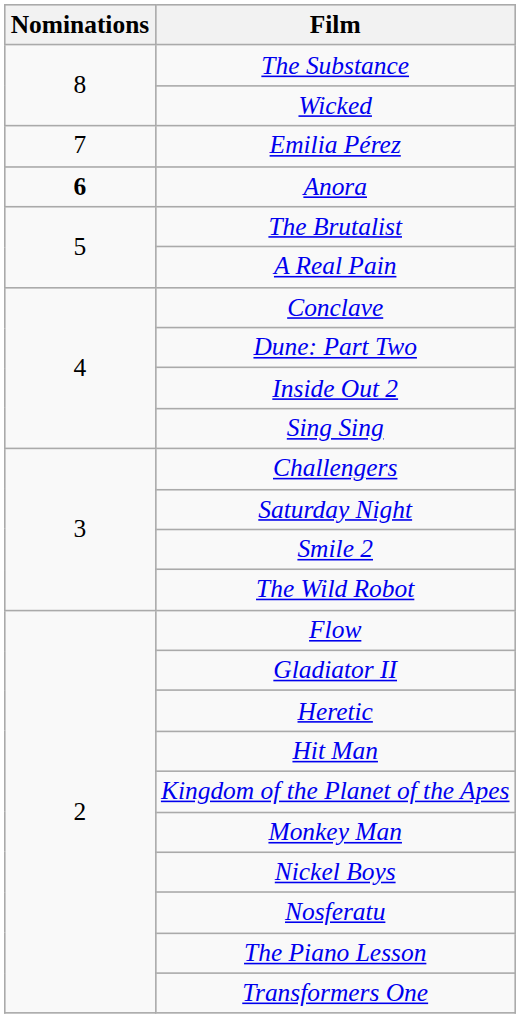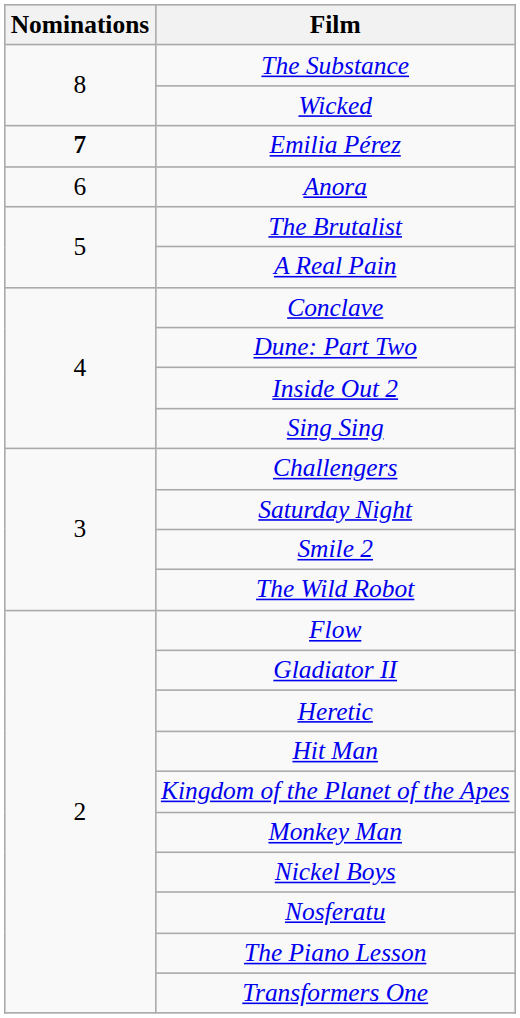 <table class="wikitable" rowspan="2" style="text-align:center" background: #f6e39c;>
 <tr>
 <th scope="col" style="width:55px;">Nominations</th>
 <th scope="col" style="text-align:center;">Film</th>
 </tr>
 <tr>
 <td rowspan="2" style="text-align:center">8</td>
 <td><em><a href='#'>The Substance</a></em></td>
 </tr>
 <tr>
 <td><em><a href='#'>Wicked</a></em></td>
 </tr>
 <tr>
-<td style="text-align:center">7</td>
+<td style="text-align:center"><strong>7</strong></td>
 <td><em><a href='#'>Emilia Pérez</a></em></td>
 </tr>
 <tr>
-<td style="text-align:center"><strong>6</strong></td>
+<td style="text-align:center">6</td>
 <td><em><a href='#'>Anora</a></em></td>
 </tr>
 <tr>
 <td rowspan="2" style="text-align:center">5</td>
 <td><em><a href='#'>The Brutalist</a></em></td>
 </tr>
 <tr>
 <td><em><a href='#'>A Real Pain</a></em></td>
 </tr>
 <tr>
 <td rowspan="4" style="text-align:center">4</td>
 <td><em><a href='#'>Conclave</a></em></td>
 </tr>
 <tr>
 <td><em><a href='#'>Dune: Part Two</a></em></td>
 </tr>
 <tr>
 <td><em><a href='#'>Inside Out 2</a></em></td>
 </tr>
 <tr>
 <td><em><a href='#'>Sing Sing</a></em></td>
 </tr>
 <tr>
 <td rowspan="4" style="text-align:center">3</td>
 <td><em><a href='#'>Challengers</a></em></td>
 </tr>
 <tr>
 <td><em><a href='#'>Saturday Night</a></em></td>
 </tr>
 <tr>
 <td><em><a href='#'>Smile 2</a></em></td>
 </tr>
 <tr>
 <td><em><a href='#'>The Wild Robot</a></em></td>
 </tr>
 <tr>
 <td rowspan="10" style="text-align:center">2</td>
 <td><em><a href='#'>Flow</a></em></td>
 </tr>
 <tr>
 <td><em><a href='#'>Gladiator II</a></em></td>
 </tr>
 <tr>
 <td><em><a href='#'>Heretic</a></em></td>
 </tr>
 <tr>
 <td><em><a href='#'>Hit Man</a></em></td>
 </tr>
 <tr>
 <td><em><a href='#'>Kingdom of the Planet of the Apes</a></em></td>
 </tr>
 <tr>
 <td><em><a href='#'>Monkey Man</a></em></td>
 </tr>
 <tr>
 <td><em><a href='#'>Nickel Boys</a></em></td>
 </tr>
 <tr>
 <td><em><a href='#'>Nosferatu</a></em></td>
 </tr>
 <tr>
 <td><em><a href='#'>The Piano Lesson</a></em></td>
 </tr>
 <tr>
 <td><em><a href='#'>Transformers One</a></em></td>
 </tr>
 </table>
